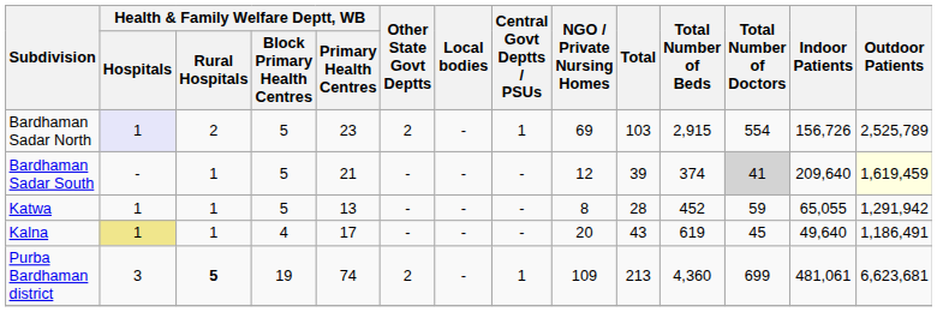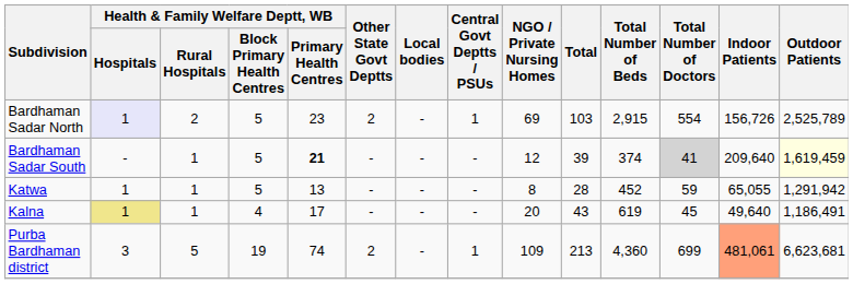 <table class="wikitable" style="text-align:center;font-size: 9pt">
 <tr>
 <th width="110" rowspan="2">Subdivision</th>
 <th width="160" colspan="4" rowspan="1">Health & Family Welfare Deptt, WB</th>
 <th widthspan="110" rowspan="2">Other<br>State<br>Govt<br>Deptts</th>
 <th widthspan="110" rowspan="2">Local<br>bodies</th>
 <th widthspan="110" rowspan="2">Central<br>Govt<br>Deptts /<br>PSUs</th>
 <th widthspan="110" rowspan="2">NGO /<br>Private<br>Nursing<br>Homes</th>
 <th widthspan="110" rowspan="2">Total</th>
 <th widthspan="110" rowspan="2">Total<br>Number<br>of<br>Beds</th>
 <th widthspan="110" rowspan="2">Total<br>Number<br>of<br>Doctors</th>
 <th widthspan="130" rowspan="2">Indoor<br>Patients</th>
 <th widthspan="130" rowspan="2">Outdoor<br>Patients</th>
 </tr>
 <tr>
 <th width="40">Hospitals<br></th>
 <th width="40">Rural<br>Hospitals<br></th>
 <th width="40">Block<br>Primary<br>Health<br>Centres<br></th>
 <th width="40">Primary<br>Health<br>Centres<br></th>
 </tr>
 <tr>
 <td align=left>Bardhaman Sadar North</td>
 <td align="center" style="background: lavender;">1</td>
 <td align="center">2</td>
 <td align="center">5</td>
 <td align="center">23</td>
 <td align="center">2</td>
 <td align="center">-</td>
 <td align="center">1</td>
 <td align="center">69</td>
 <td align="center">103</td>
 <td align="center">2,915</td>
 <td align="center">554</td>
 <td align="center">156,726</td>
 <td align="center">2,525,789</td>
 </tr>
 <tr>
 <td align=left><a href='#'>Bardhaman Sadar South</a></td>
 <td align="center">-</td>
 <td align="center">1</td>
 <td align="center">5</td>
-<td align="center">21</td>
+<td align="center"><strong>21</strong></td>
 <td align="center">-</td>
 <td align="center">-</td>
 <td align="center">-</td>
 <td align="center">12</td>
 <td align="center">39</td>
 <td align="center">374</td>
 <td align="center" style="background: lightgrey;">41</td>
 <td align="center">209,640</td>
 <td align="center" style="background: lightyellow;">1,619,459</td>
 </tr>
 <tr>
 <td align=left><a href='#'>Katwa</a></td>
 <td align="center">1</td>
 <td align="center">1</td>
 <td align="center">5</td>
 <td align="center">13</td>
 <td align="center">-</td>
 <td align="center">-</td>
 <td align="center">-</td>
 <td align="center">8</td>
 <td align="center">28</td>
 <td align="center">452</td>
 <td align="center">59</td>
 <td align="center">65,055</td>
 <td align="center">1,291,942</td>
 </tr>
 <tr>
 <td align=left><a href='#'>Kalna</a></td>
 <td align="center" style="background: khaki;">1</td>
 <td align="center">1</td>
 <td align="center">4</td>
 <td align="center">17</td>
 <td align="center">-</td>
 <td align="center">-</td>
 <td align="center">-</td>
 <td align="center">20</td>
 <td align="center">43</td>
 <td align="center">619</td>
 <td align="center">45</td>
 <td align="center">49,640</td>
 <td align="center">1,186,491</td>
 </tr>
 <tr>
 <td align=left><a href='#'>Purba Bardhaman district</a></td>
 <td align="center">3</td>
-<td align="center"><strong>5</strong></td>
+<td align="center">5</td>
 <td align="center">19</td>
 <td align="center">74</td>
 <td align="center">2</td>
 <td align="center">-</td>
 <td align="center">1</td>
 <td align="center">109</td>
 <td align="center">213</td>
 <td align="center">4,360</td>
 <td align="center">699</td>
-<td align="center">481,061</td>
+<td align="center" style="background: lightsalmon;">481,061</td>
 <td align="center">6,623,681</td>
 </tr>
 <tr>
 </tr>
 </table>
